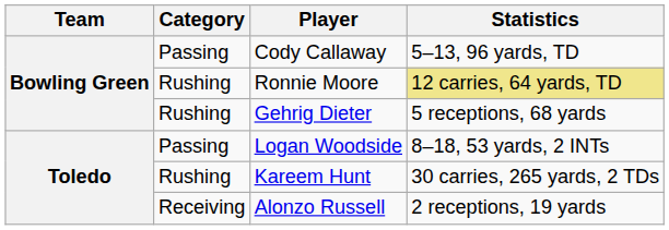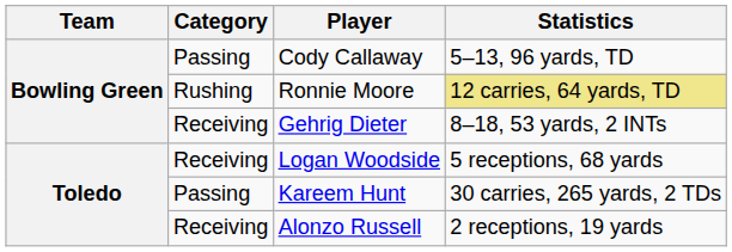 <table class="wikitable" style="float:right">
 <tr>
 <th>Team</th>
 <th>Category</th>
 <th>Player</th>
 <th>Statistics</th>
 </tr>
 <tr>
 <th rowspan=3>Bowling Green</th>
 <td>Passing</td>
 <td>Cody Callaway</td>
 <td>5–13, 96 yards, TD</td>
 </tr>
 <tr>
 <td>Rushing</td>
 <td>Ronnie Moore</td>
 <td style="background: khaki;">12 carries, 64 yards, TD</td>
 </tr>
 <tr>
-<td>Rushing</td>
+<td>Receiving</td>
 <td><a href='#'>Gehrig Dieter</a></td>
+<td>8–18, 53 yards, 2 INTs</td>
+</tr>
+<tr>
+<th rowspan=3>Toledo</th>
+<td>Receiving</td>
+<td><a href='#'>Logan Woodside</a></td>
 <td>5 receptions, 68 yards</td>
 </tr>
 <tr>
-<th rowspan=3>Toledo</th>
 <td>Passing</td>
-<td><a href='#'>Logan Woodside</a></td>
-<td>8–18, 53 yards, 2 INTs</td>
-</tr>
-<tr>
-<td>Rushing</td>
 <td><a href='#'>Kareem Hunt</a></td>
 <td>30 carries, 265 yards, 2 TDs</td>
 </tr>
 <tr>
 <td>Receiving</td>
 <td><a href='#'>Alonzo Russell</a></td>
 <td>2 receptions, 19 yards</td>
 </tr>
 </table>
